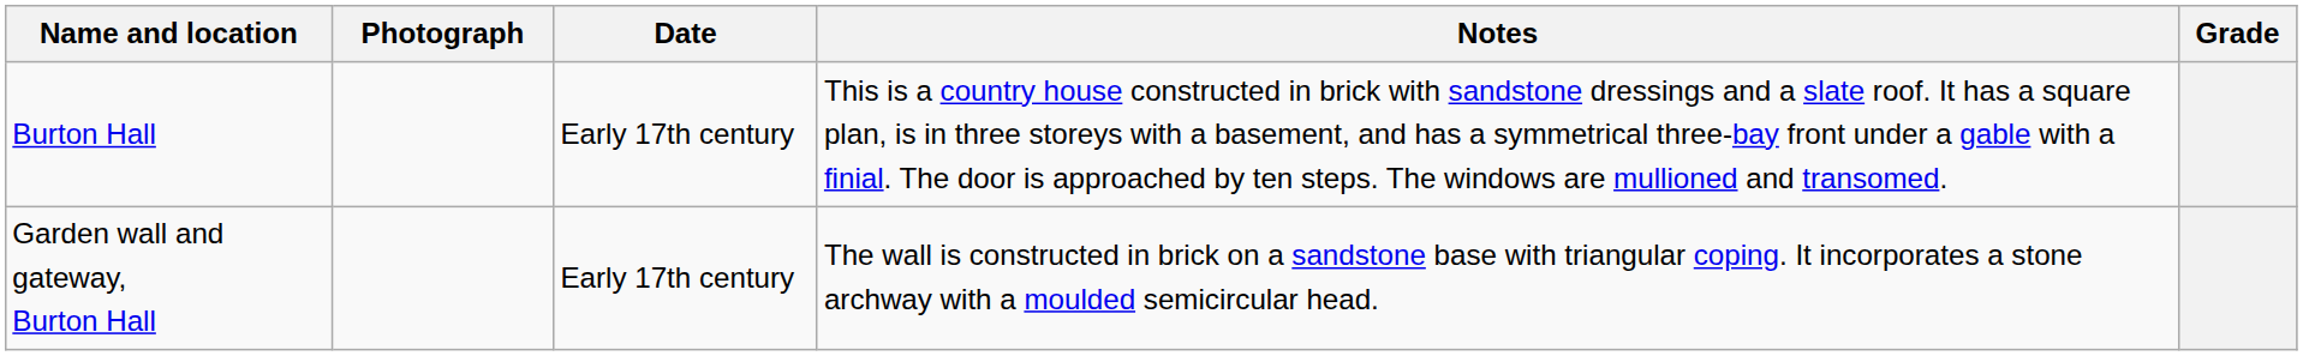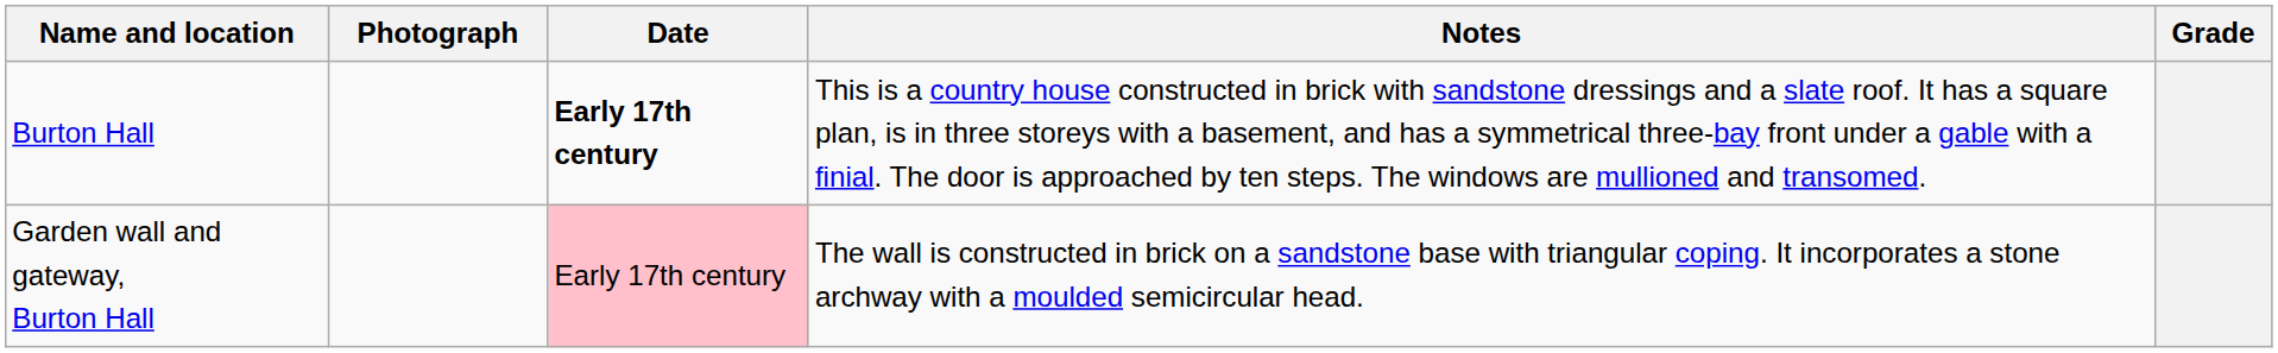 <table class="wikitable sortable plainrowheaders" style="width:100%;border:0px;text-align:left;line-height:150%;">
 <tr>
 <th scope="col"  style="width:150px">Name and location</th>
 <th scope="col"  style="width:100px" class="unsortable">Photograph</th>
 <th scope="col"  style="width:120px">Date</th>
 <th scope="col"  style="width:650px" class="unsortable">Notes</th>
 <th scope="col"  style="width:50px">Grade</th>
 </tr>
 <tr>
 <td><a href='#'>Burton Hall</a><br><small></small></td>
 <td></td>
-<td>Early 17th century</td>
+<td><strong>Early 17th century</strong></td>
 <td>This is a <a href='#'>country house</a> constructed in brick with <a href='#'>sandstone</a> dressings and a <a href='#'>slate</a> roof.  It has a square plan, is in three storeys with a basement, and has a symmetrical three-<a href='#'>bay</a> front under a <a href='#'>gable</a> with a <a href='#'>finial</a>.  The door is approached by ten steps.  The windows are <a href='#'>mullioned</a> and <a href='#'>transomed</a>.</td>
 <th></th>
 </tr>
 <tr>
 <td>Garden wall and gateway,<br><a href='#'>Burton Hall</a><br><small></small></td>
 <td></td>
-<td>Early 17th century</td>
+<td style="background: pink;">Early 17th century</td>
 <td>The wall is constructed in brick on a <a href='#'>sandstone</a> base with triangular <a href='#'>coping</a>.  It incorporates a stone archway with a <a href='#'>moulded</a> semicircular head.</td>
 <th></th>
 </tr>
 <tr>
 </tr>
 </table>
